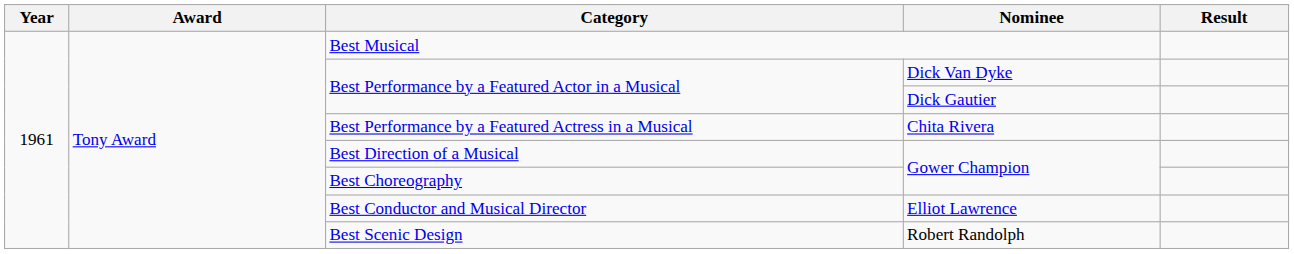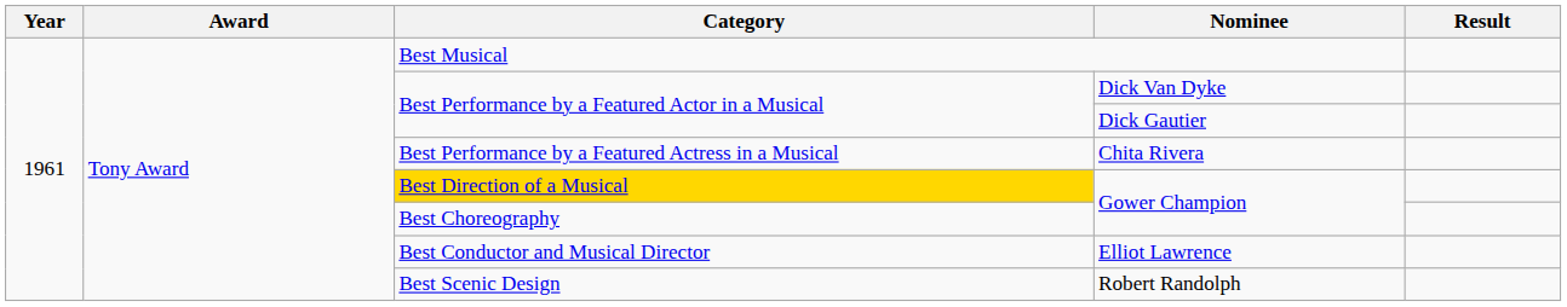 <table class="wikitable" width="95%">
 <tr>
 <th width="5%">Year</th>
 <th width="20%">Award</th>
 <th width="45%">Category</th>
 <th width="20%">Nominee</th>
 <th width="10%">Result</th>
 </tr>
 <tr>
 <td rowspan="8" align="center">1961</td>
 <td rowspan="8"><a href='#'>Tony Award</a></td>
 <td colspan="2"><a href='#'>Best Musical</a></td>
 <td></td>
 </tr>
 <tr>
 <td rowspan="2"><a href='#'>Best Performance by a Featured Actor in a Musical</a></td>
 <td><a href='#'>Dick Van Dyke</a></td>
 <td></td>
 </tr>
 <tr>
 <td><a href='#'>Dick Gautier</a></td>
 <td></td>
 </tr>
 <tr>
 <td><a href='#'>Best Performance by a Featured Actress in a Musical</a></td>
 <td><a href='#'>Chita Rivera</a></td>
 <td></td>
 </tr>
 <tr>
-<td><a href='#'>Best Direction of a Musical</a></td>
+<td style="background: gold;"><a href='#'>Best Direction of a Musical</a></td>
 <td rowspan="2"><a href='#'>Gower Champion</a></td>
 <td></td>
 </tr>
 <tr>
 <td><a href='#'>Best Choreography</a></td>
 <td></td>
 </tr>
 <tr>
 <td><a href='#'>Best Conductor and Musical Director</a></td>
 <td><a href='#'>Elliot Lawrence</a></td>
 <td></td>
 </tr>
 <tr>
 <td><a href='#'>Best Scenic Design</a></td>
 <td>Robert Randolph</td>
 <td></td>
 </tr>
 </table>
